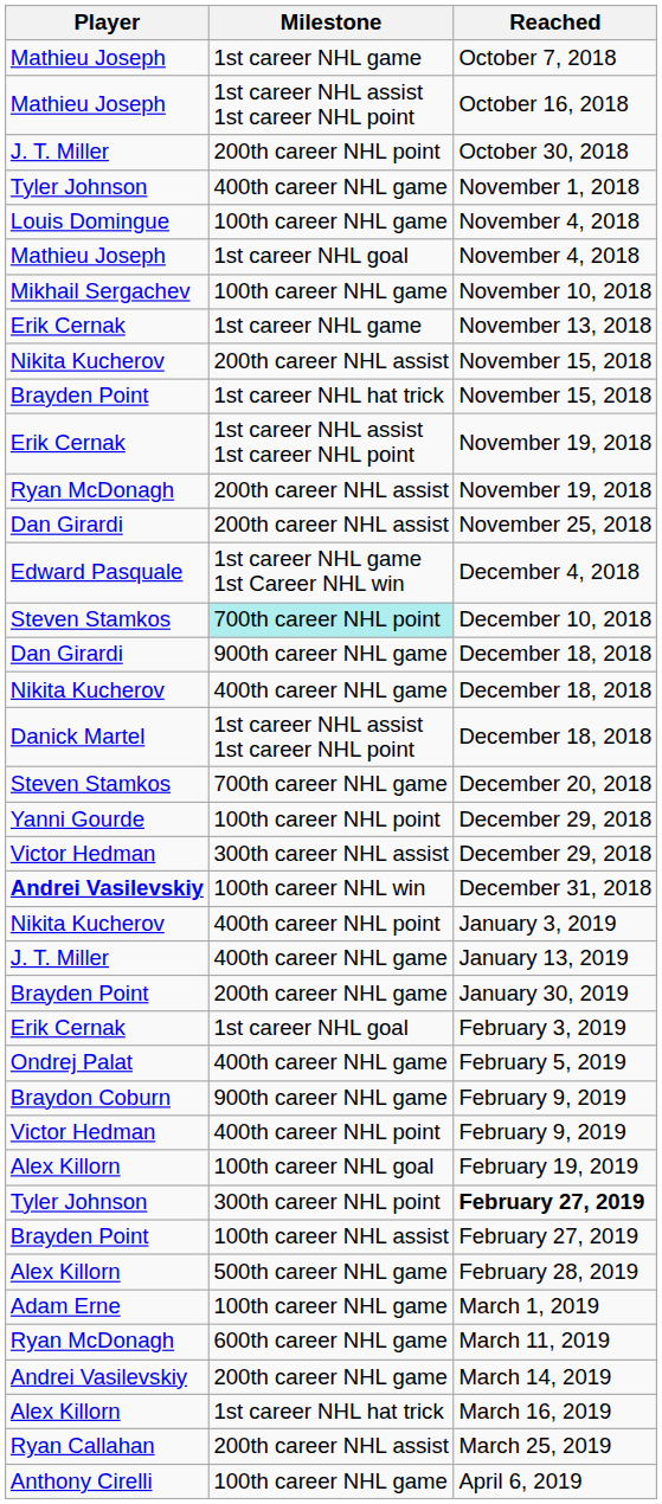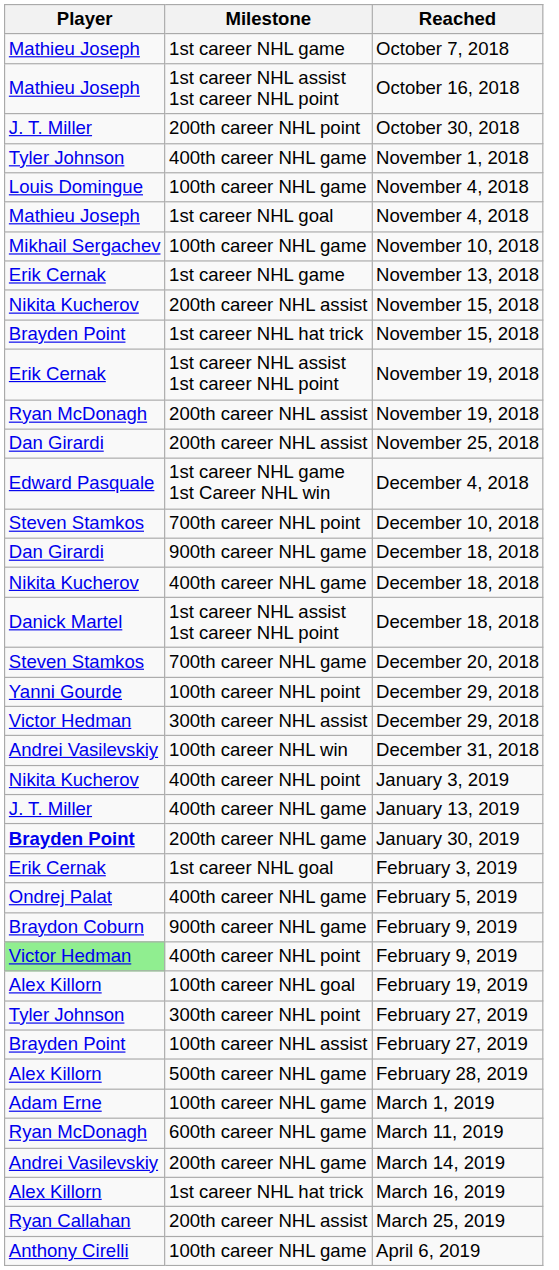 <table class="wikitable sortable">
 <tr align=center>
 <th>Player</th>
 <th>Milestone</th>
 <th data-sort-type="date">Reached</th>
 </tr>
 <tr>
 <td><a href='#'>Mathieu Joseph</a></td>
 <td>1st career NHL game</td>
 <td>October 7, 2018</td>
 </tr>
 <tr>
 <td><a href='#'>Mathieu Joseph</a></td>
 <td>1st career NHL assist<br>1st career NHL point</td>
 <td>October 16, 2018</td>
 </tr>
 <tr>
 <td><a href='#'>J. T. Miller</a></td>
 <td>200th career NHL point</td>
 <td>October 30, 2018</td>
 </tr>
 <tr>
 <td><a href='#'>Tyler Johnson</a></td>
 <td>400th career NHL game</td>
 <td>November 1, 2018</td>
 </tr>
 <tr>
 <td><a href='#'>Louis Domingue</a></td>
 <td>100th career NHL game</td>
 <td>November 4, 2018</td>
 </tr>
 <tr>
 <td><a href='#'>Mathieu Joseph</a></td>
 <td>1st career NHL goal</td>
 <td>November 4, 2018</td>
 </tr>
 <tr>
 <td><a href='#'>Mikhail Sergachev</a></td>
 <td>100th career NHL game</td>
 <td>November 10, 2018</td>
 </tr>
 <tr>
 <td><a href='#'>Erik Cernak</a></td>
 <td>1st career NHL game</td>
 <td>November 13, 2018</td>
 </tr>
 <tr>
 <td><a href='#'>Nikita Kucherov</a></td>
 <td>200th career NHL assist</td>
 <td>November 15, 2018</td>
 </tr>
 <tr>
 <td><a href='#'>Brayden Point</a></td>
 <td>1st career NHL hat trick</td>
 <td>November 15, 2018</td>
 </tr>
 <tr>
 <td><a href='#'>Erik Cernak</a></td>
 <td>1st career NHL assist<br>1st career NHL point</td>
 <td>November 19, 2018</td>
 </tr>
 <tr>
 <td><a href='#'>Ryan McDonagh</a></td>
 <td>200th career NHL assist</td>
 <td>November 19, 2018</td>
 </tr>
 <tr>
 <td><a href='#'>Dan Girardi</a></td>
 <td>200th career NHL assist</td>
 <td>November 25, 2018</td>
 </tr>
 <tr>
 <td><a href='#'>Edward Pasquale</a></td>
 <td>1st career NHL game<br>1st Career NHL win</td>
 <td>December 4, 2018</td>
 </tr>
 <tr>
 <td><a href='#'>Steven Stamkos</a></td>
-<td style="background: paleturquoise;">700th career NHL point</td>
+<td>700th career NHL point</td>
 <td>December 10, 2018</td>
 </tr>
 <tr>
 <td><a href='#'>Dan Girardi</a></td>
 <td>900th career NHL game</td>
 <td>December 18, 2018</td>
 </tr>
 <tr>
 <td><a href='#'>Nikita Kucherov</a></td>
 <td>400th career NHL game</td>
 <td>December 18, 2018</td>
 </tr>
 <tr>
 <td><a href='#'>Danick Martel</a></td>
 <td>1st career NHL assist<br>1st career NHL point</td>
 <td>December 18, 2018</td>
 </tr>
 <tr>
 <td><a href='#'>Steven Stamkos</a></td>
 <td>700th career NHL game</td>
 <td>December 20, 2018</td>
 </tr>
 <tr>
 <td><a href='#'>Yanni Gourde</a></td>
 <td>100th career NHL point</td>
 <td>December 29, 2018</td>
 </tr>
 <tr>
 <td><a href='#'>Victor Hedman</a></td>
 <td>300th career NHL assist</td>
 <td>December 29, 2018</td>
 </tr>
 <tr>
-<td><strong><a href='#'>Andrei Vasilevskiy</a></strong></td>
+<td><a href='#'>Andrei Vasilevskiy</a></td>
 <td>100th career NHL win</td>
 <td>December 31, 2018</td>
 </tr>
 <tr>
 <td><a href='#'>Nikita Kucherov</a></td>
 <td>400th career NHL point</td>
 <td>January 3, 2019</td>
 </tr>
 <tr>
 <td><a href='#'>J. T. Miller</a></td>
 <td>400th career NHL game</td>
 <td>January 13, 2019</td>
 </tr>
 <tr>
-<td><a href='#'>Brayden Point</a></td>
+<td><strong><a href='#'>Brayden Point</a></strong></td>
 <td>200th career NHL game</td>
 <td>January 30, 2019</td>
 </tr>
 <tr>
 <td><a href='#'>Erik Cernak</a></td>
 <td>1st career NHL goal</td>
 <td>February 3, 2019</td>
 </tr>
 <tr>
 <td><a href='#'>Ondrej Palat</a></td>
 <td>400th career NHL game</td>
 <td>February 5, 2019</td>
 </tr>
 <tr>
 <td><a href='#'>Braydon Coburn</a></td>
 <td>900th career NHL game</td>
 <td>February 9, 2019</td>
 </tr>
 <tr>
-<td><a href='#'>Victor Hedman</a></td>
+<td style="background: lightgreen;"><a href='#'>Victor Hedman</a></td>
 <td>400th career NHL point</td>
 <td>February 9, 2019</td>
 </tr>
 <tr>
 <td><a href='#'>Alex Killorn</a></td>
 <td>100th career NHL goal</td>
 <td>February 19, 2019</td>
 </tr>
 <tr>
 <td><a href='#'>Tyler Johnson</a></td>
 <td>300th career NHL point</td>
-<td><strong>February 27, 2019</strong></td>
+<td>February 27, 2019</td>
 </tr>
 <tr>
 <td><a href='#'>Brayden Point</a></td>
 <td>100th career NHL assist</td>
 <td>February 27, 2019</td>
 </tr>
 <tr>
 <td><a href='#'>Alex Killorn</a></td>
 <td>500th career NHL game</td>
 <td>February 28, 2019</td>
 </tr>
 <tr>
 <td><a href='#'>Adam Erne</a></td>
 <td>100th career NHL game</td>
 <td>March 1, 2019</td>
 </tr>
 <tr>
 <td><a href='#'>Ryan McDonagh</a></td>
 <td>600th career NHL game</td>
 <td>March 11, 2019</td>
 </tr>
 <tr>
 <td><a href='#'>Andrei Vasilevskiy</a></td>
 <td>200th career NHL game</td>
 <td>March 14, 2019</td>
 </tr>
 <tr>
 <td><a href='#'>Alex Killorn</a></td>
 <td>1st career NHL hat trick</td>
 <td>March 16, 2019</td>
 </tr>
 <tr>
 <td><a href='#'>Ryan Callahan</a></td>
 <td>200th career NHL assist</td>
 <td>March 25, 2019</td>
 </tr>
 <tr>
 <td><a href='#'>Anthony Cirelli</a></td>
 <td>100th career NHL game</td>
 <td>April 6, 2019</td>
 </tr>
 </table>
